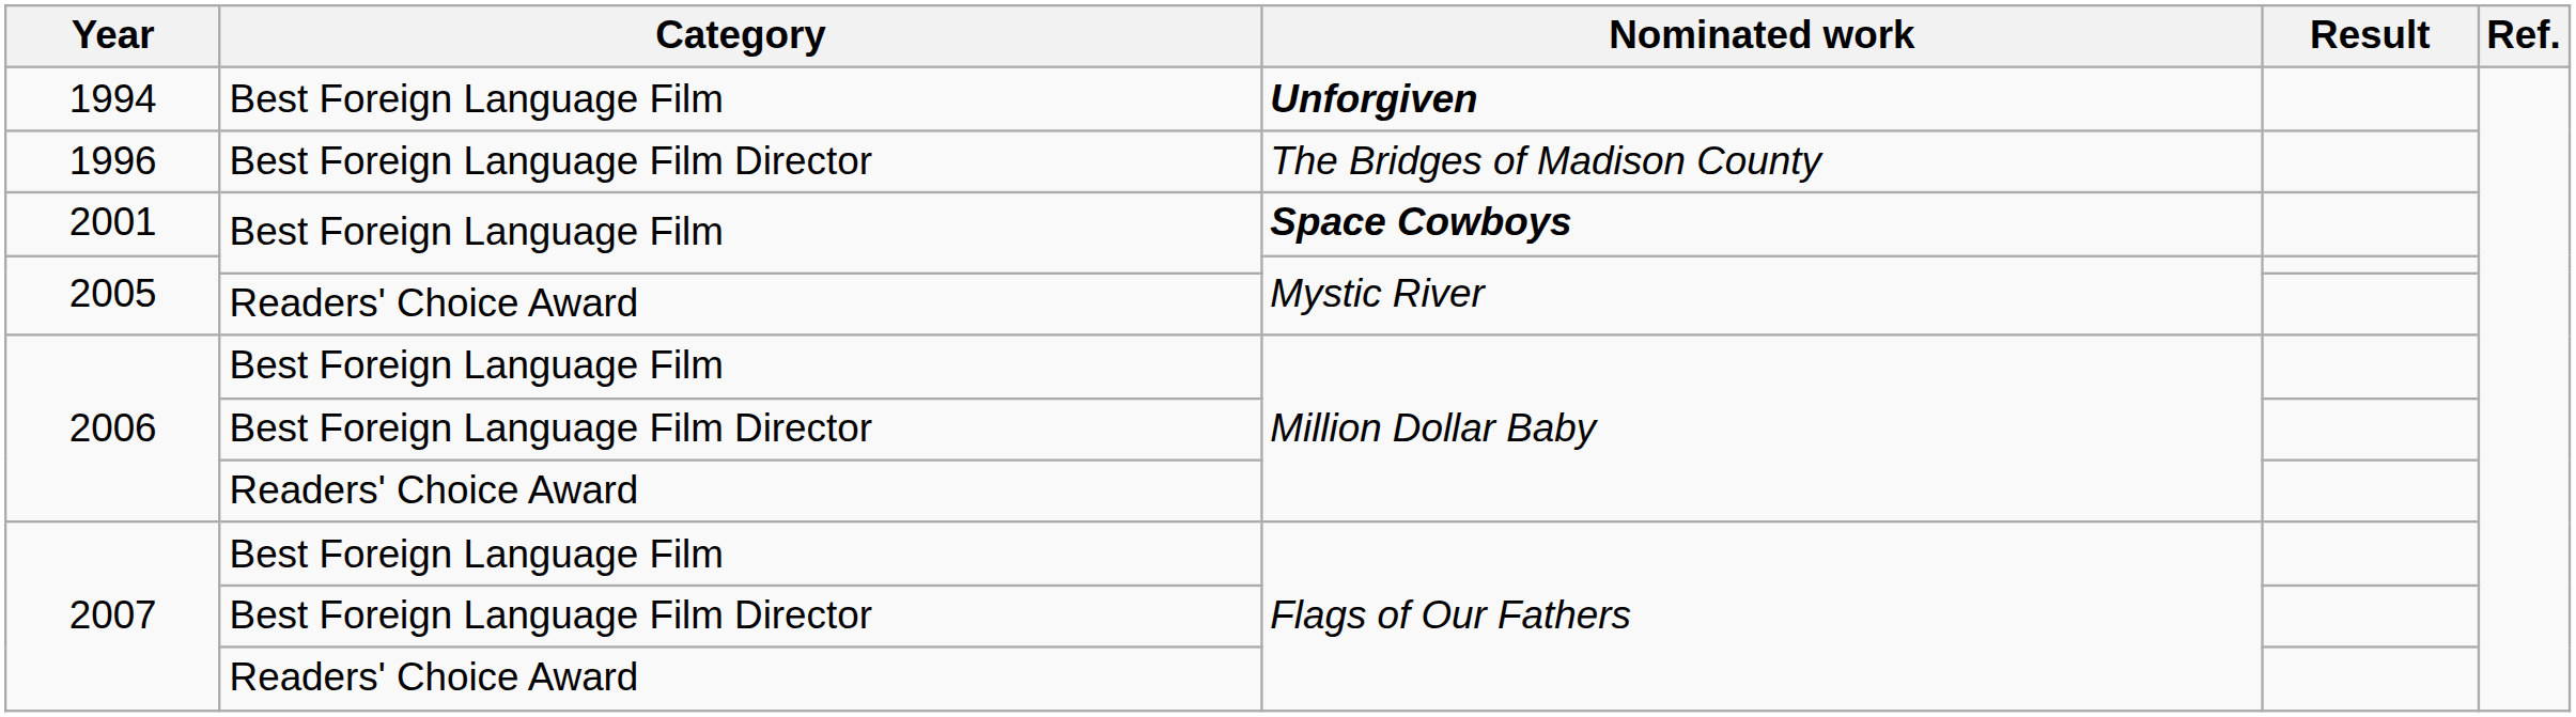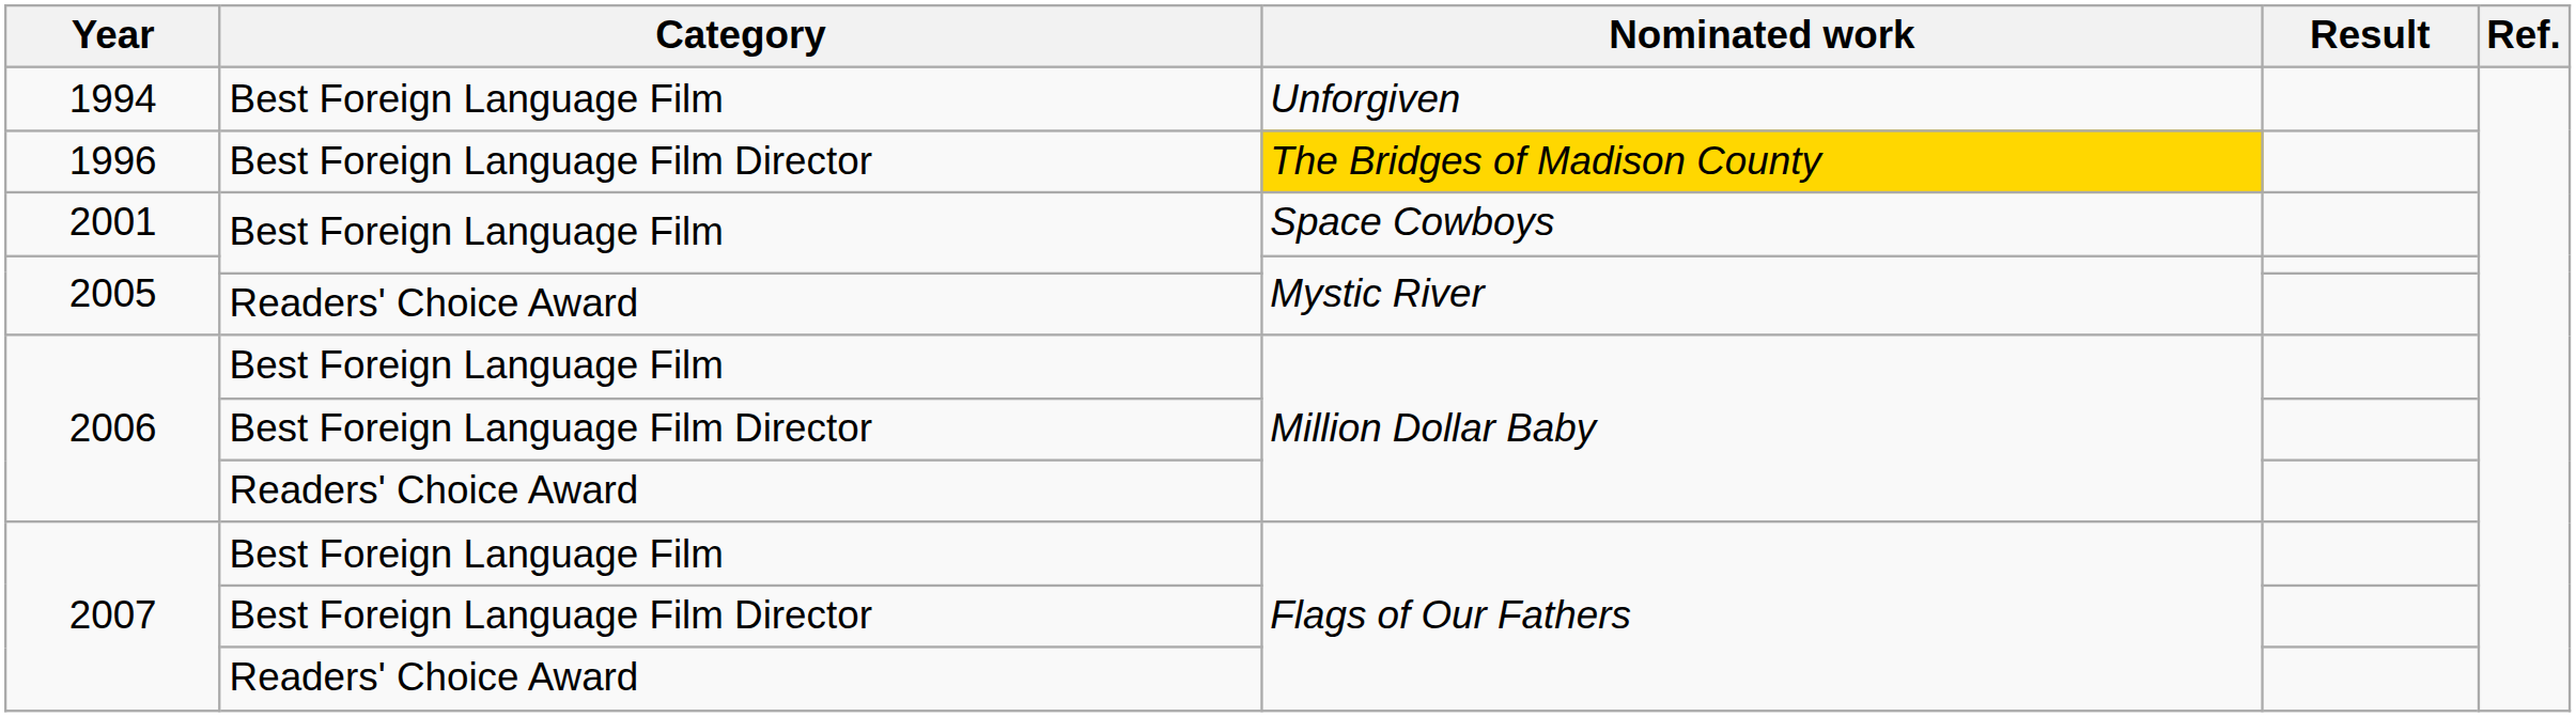 <table class=wikitable>
 <tr>
 <th scope="col" style="width:5em;">Year</th>
 <th scope="col" style="width:26em;">Category</th>
 <th scope="col" style="width:25em;">Nominated work</th>
 <th scope="col" style="width:5em;">Result</th>
 <th>Ref.</th>
 </tr>
 <tr>
 <td style="text-align:center;">1994</td>
 <td>Best Foreign Language Film</td>
-<td><strong><em>Unforgiven</em></strong></td>
+<td><em>Unforgiven</em></td>
 <td></td>
 <td rowspan=20></td>
 </tr>
 <tr>
 <td style="text-align:center;">1996</td>
 <td>Best Foreign Language Film Director</td>
-<td><em>The Bridges of Madison County</em></td>
+<td style="background: gold;"><em>The Bridges of Madison County</em></td>
 <td></td>
 </tr>
 <tr>
 <td style="text-align:center;">2001</td>
 <td rowspan="2">Best Foreign Language Film</td>
-<td><strong><em>Space Cowboys</em></strong></td>
+<td><em>Space Cowboys</em></td>
 <td></td>
 </tr>
 <tr>
 <td style="text-align:center;", rowspan="2">2005</td>
 <td rowspan="2"><em>Mystic River</em></td>
 <td></td>
 </tr>
 <tr>
 <td>Readers' Choice Award</td>
 <td></td>
 </tr>
 <tr>
 <td style="text-align:center;", rowspan="3">2006</td>
 <td>Best Foreign Language Film</td>
 <td rowspan="3"><em>Million Dollar Baby</em></td>
 <td></td>
 </tr>
 <tr>
 <td>Best Foreign Language Film Director</td>
 <td></td>
 </tr>
 <tr>
 <td>Readers' Choice Award</td>
 <td></td>
 </tr>
 <tr>
 <td style="text-align:center;", rowspan="3">2007</td>
 <td>Best Foreign Language Film</td>
 <td rowspan="3"><em>Flags of Our Fathers</em></td>
 <td></td>
 </tr>
 <tr>
 <td>Best Foreign Language Film Director</td>
 <td></td>
 </tr>
 <tr>
 <td>Readers' Choice Award</td>
 <td></td>
 </tr>
 </table>
